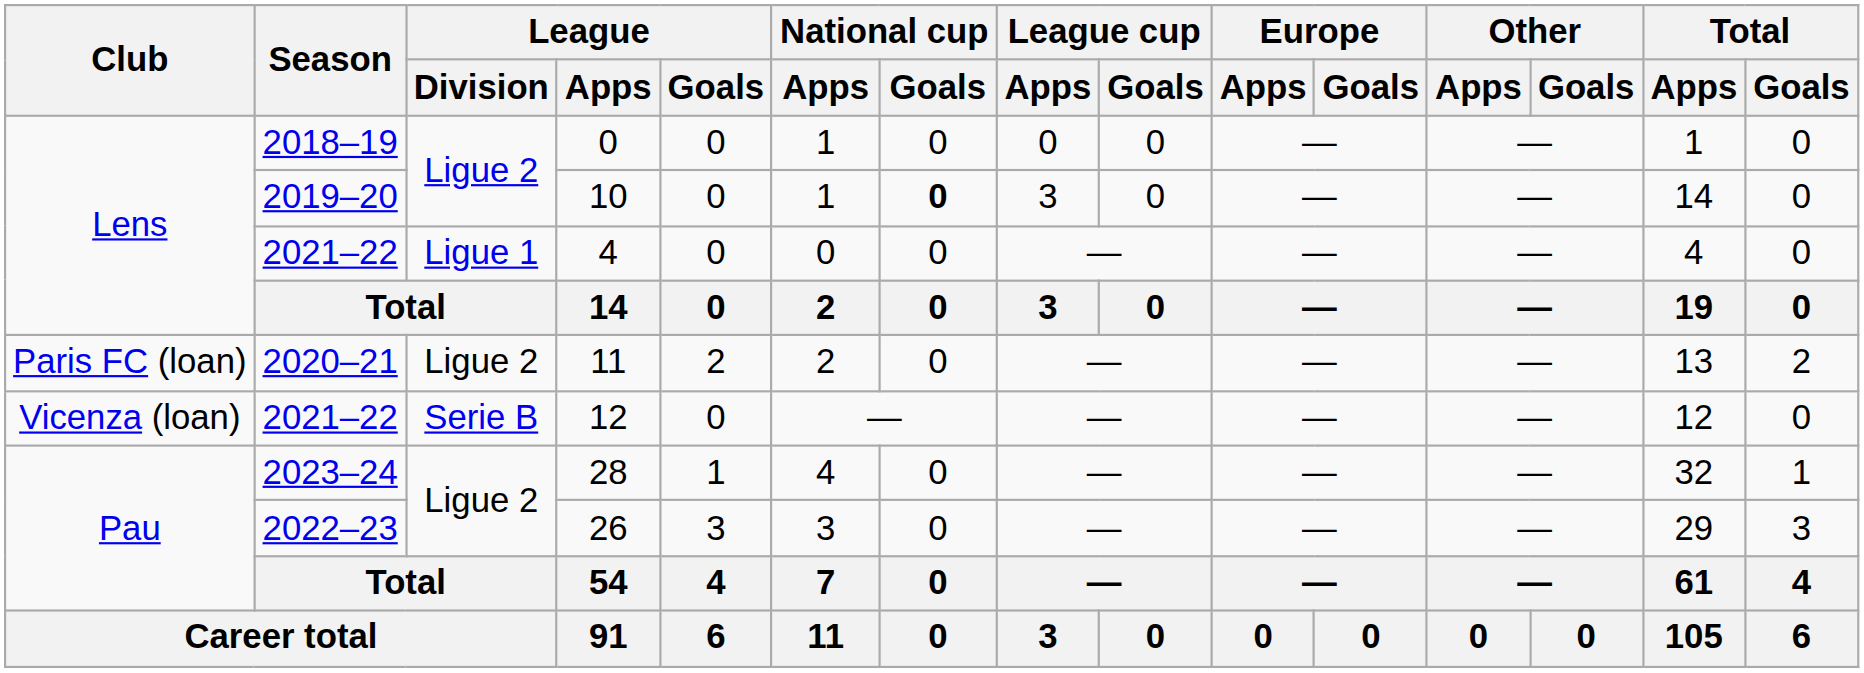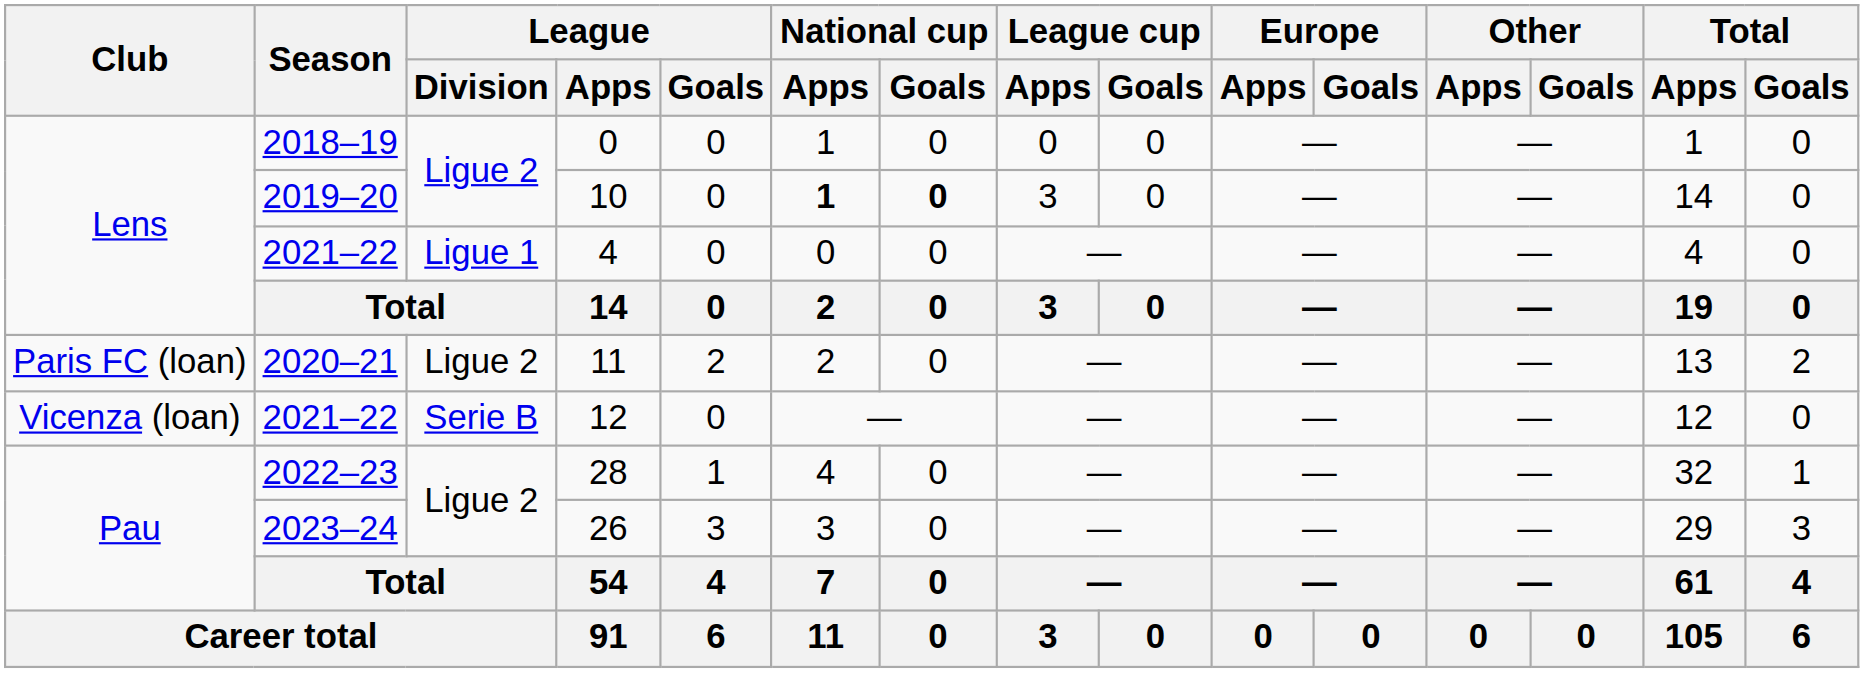 <table class="wikitable" style="text-align:center">
 <tr>
 <th rowspan="2">Club</th>
 <th rowspan="2">Season</th>
 <th colspan="3">League</th>
 <th colspan="2">National cup</th>
 <th colspan="2">League cup</th>
 <th colspan="2">Europe</th>
 <th colspan="2">Other</th>
 <th colspan="2">Total</th>
 </tr>
 <tr>
 <th>Division</th>
 <th>Apps</th>
 <th>Goals</th>
 <th>Apps</th>
 <th>Goals</th>
 <th>Apps</th>
 <th>Goals</th>
 <th>Apps</th>
 <th>Goals</th>
 <th>Apps</th>
 <th>Goals</th>
 <th>Apps</th>
 <th>Goals</th>
 </tr>
 <tr>
 <td rowspan="4"><a href='#'>Lens</a></td>
 <td><a href='#'>2018–19</a></td>
 <td rowspan="2"><a href='#'>Ligue 2</a></td>
 <td>0</td>
 <td>0</td>
 <td>1</td>
 <td>0</td>
 <td>0</td>
 <td>0</td>
 <td colspan="2">—</td>
 <td colspan="2">—</td>
 <td>1</td>
 <td>0</td>
 </tr>
 <tr>
 <td><a href='#'>2019–20</a></td>
 <td>10</td>
 <td>0</td>
-<td>1</td>
+<td><strong>1</strong></td>
 <td><strong>0</strong></td>
 <td>3</td>
 <td>0</td>
 <td colspan="2">—</td>
 <td colspan="2">—</td>
 <td>14</td>
 <td>0</td>
 </tr>
 <tr>
 <td><a href='#'>2021–22</a></td>
 <td><a href='#'>Ligue 1</a></td>
 <td>4</td>
 <td>0</td>
 <td>0</td>
 <td>0</td>
 <td colspan="2">—</td>
 <td colspan="2">—</td>
 <td colspan="2">—</td>
 <td>4</td>
 <td>0</td>
 </tr>
 <tr>
 <th colspan="2">Total</th>
 <th>14</th>
 <th>0</th>
 <th>2</th>
 <th>0</th>
 <th>3</th>
 <th>0</th>
 <th colspan="2">—</th>
 <th colspan="2">—</th>
 <th>19</th>
 <th>0</th>
 </tr>
 <tr>
 <td><a href='#'>Paris FC</a> (loan)</td>
 <td><a href='#'>2020–21</a></td>
 <td>Ligue 2</td>
 <td>11</td>
 <td>2</td>
 <td>2</td>
 <td>0</td>
 <td colspan="2">—</td>
 <td colspan="2">—</td>
 <td colspan="2">—</td>
 <td>13</td>
 <td>2</td>
 </tr>
 <tr>
 <td><a href='#'>Vicenza</a> (loan)</td>
 <td><a href='#'>2021–22</a></td>
 <td><a href='#'>Serie B</a></td>
 <td>12</td>
 <td>0</td>
 <td colspan="2">—</td>
 <td colspan="2">—</td>
 <td colspan="2">—</td>
 <td colspan="2">—</td>
 <td>12</td>
 <td>0</td>
 </tr>
 <tr>
 <td rowspan="3"><a href='#'>Pau</a></td>
-<td><a href='#'>2023–24</a></td>
+<td><a href='#'>2022–23</a></td>
 <td rowspan="2">Ligue 2</td>
 <td>28</td>
 <td>1</td>
 <td>4</td>
 <td>0</td>
 <td colspan="2">—</td>
 <td colspan="2">—</td>
 <td colspan="2">—</td>
 <td>32</td>
 <td>1</td>
 </tr>
 <tr>
-<td><a href='#'>2022–23</a></td>
+<td><a href='#'>2023–24</a></td>
 <td>26</td>
 <td>3</td>
 <td>3</td>
 <td>0</td>
 <td colspan="2">—</td>
 <td colspan="2">—</td>
 <td colspan="2">—</td>
 <td>29</td>
 <td>3</td>
 </tr>
 <tr>
 <th colspan="2">Total</th>
 <th>54</th>
 <th>4</th>
 <th>7</th>
 <th>0</th>
 <th colspan="2">—</th>
 <th colspan="2">—</th>
 <th colspan="2">—</th>
 <th>61</th>
 <th>4</th>
 </tr>
 <tr>
 <th colspan="3">Career total</th>
 <th>91</th>
 <th>6</th>
 <th>11</th>
 <th>0</th>
 <th>3</th>
 <th>0</th>
 <th>0</th>
 <th>0</th>
 <th>0</th>
 <th>0</th>
 <th>105</th>
 <th>6</th>
 </tr>
 </table>
